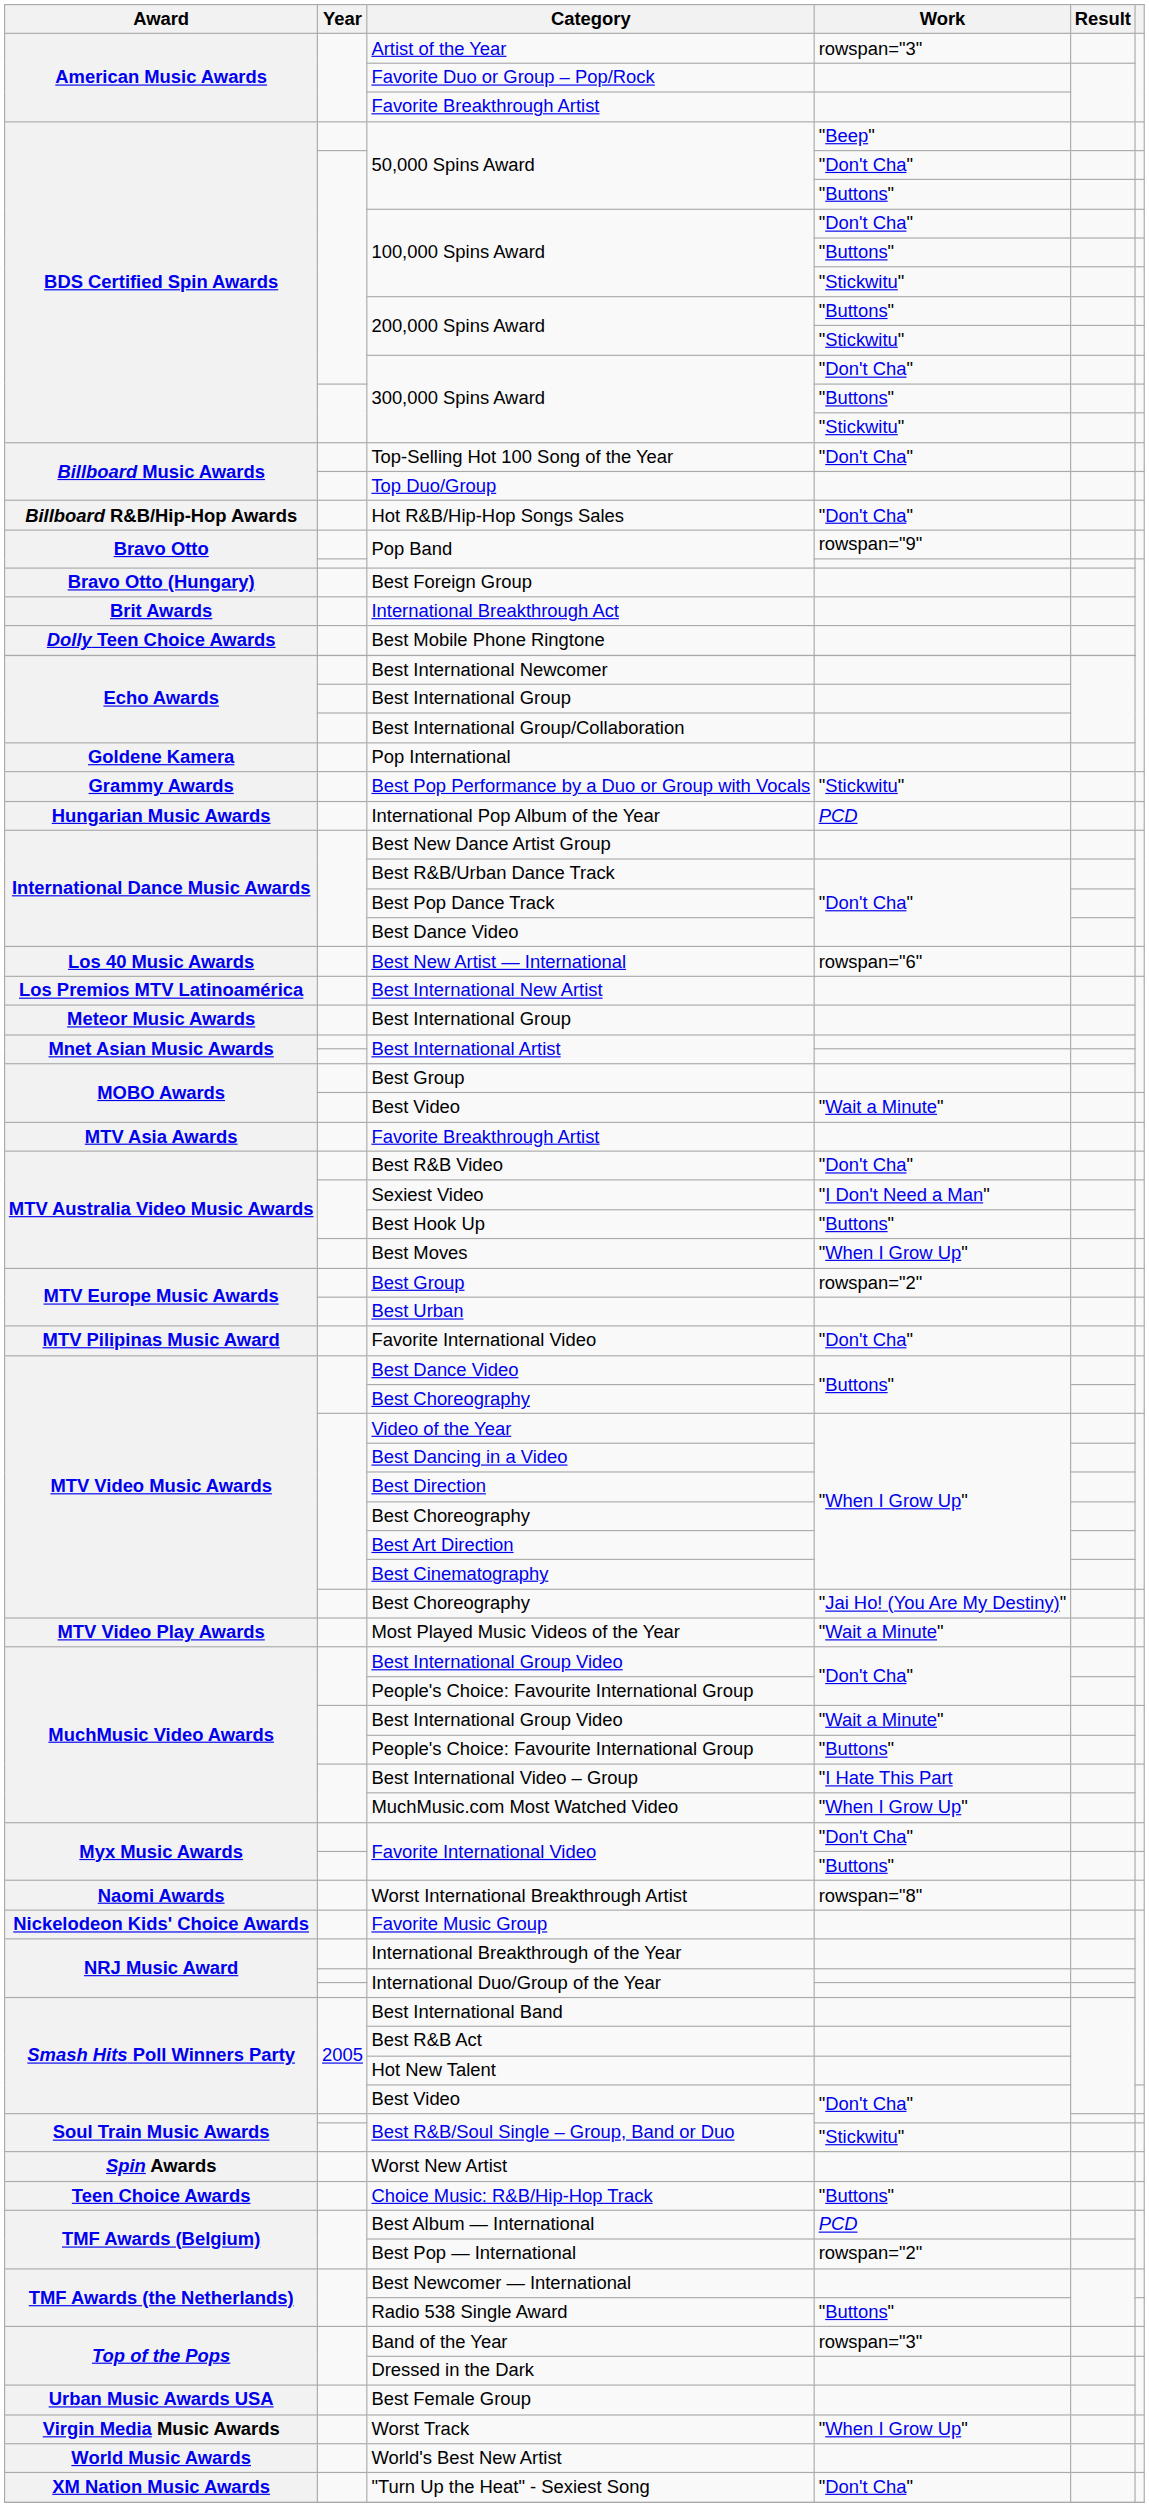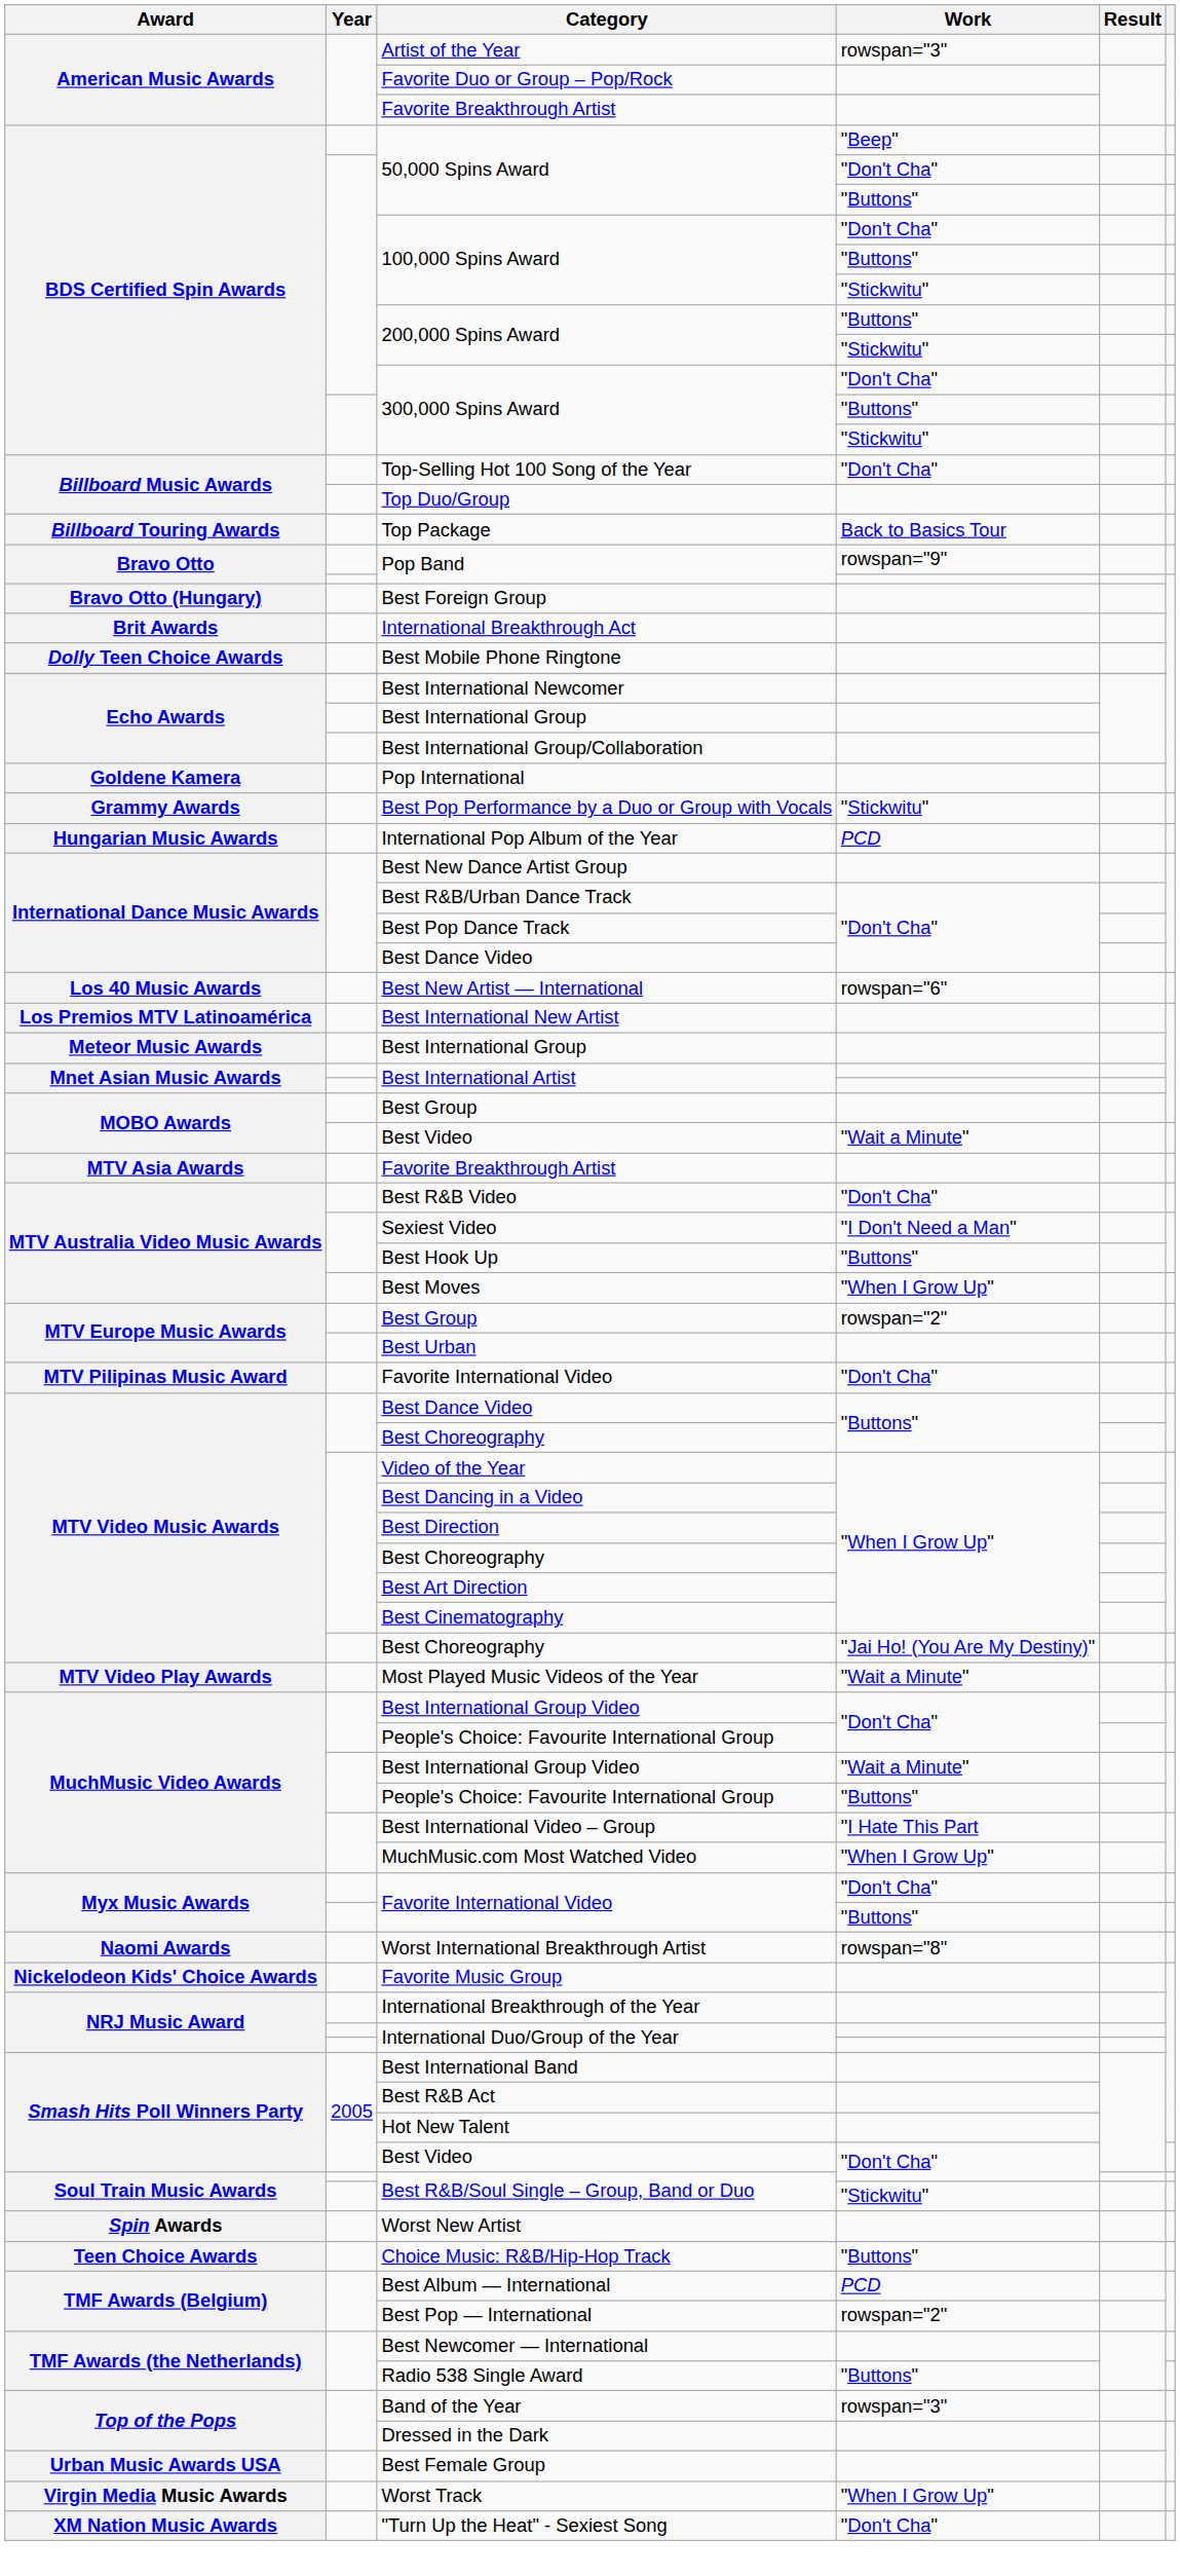 <table class="wikitable sortable plainrowheaders">
 <tr>
 <th scope="col">Award</th>
 <th scope="col">Year</th>
 <th scope="col">Category</th>
 <th scope="col">Work</th>
 <th scope="col">Result</th>
 <th scope="col" class="unsortable"></th>
 </tr>
 <tr>
 <th scope="row" rowspan="3"><a href='#'>American Music Awards</a> </th>
 <td rowspan=3></td>
 <td><a href='#'>Artist of the Year</a></td>
 <td>rowspan="3" </td>
 <td></td>
 <td rowspan=3></td>
 </tr>
 <tr>
 <td><a href='#'>Favorite Duo or Group – Pop/Rock</a></td>
 <td></td>
 </tr>
 <tr>
 <td><a href='#'>Favorite Breakthrough Artist</a></td>
 <td></td>
 </tr>
 <tr>
 <th scope="row" rowspan="11"><a href='#'>BDS Certified Spin Awards</a> </th>
 <td></td>
 <td rowspan=3>50,000 Spins Award</td>
 <td>"<a href='#'>Beep</a>"</td>
 <td></td>
 <td></td>
 </tr>
 <tr>
 <td rowspan=8></td>
 <td>"<a href='#'>Don't Cha</a>"</td>
 <td></td>
 <td></td>
 </tr>
 <tr>
 <td>"<a href='#'>Buttons</a>"</td>
 <td></td>
 <td></td>
 </tr>
 <tr>
 <td rowspan=3>100,000 Spins Award</td>
 <td>"<a href='#'>Don't Cha</a>"</td>
 <td></td>
 <td></td>
 </tr>
 <tr>
 <td>"<a href='#'>Buttons</a>"</td>
 <td></td>
 <td></td>
 </tr>
 <tr>
 <td>"<a href='#'>Stickwitu</a>"</td>
 <td></td>
 <td></td>
 </tr>
 <tr>
 <td rowspan=2>200,000 Spins Award</td>
 <td>"<a href='#'>Buttons</a>"</td>
 <td></td>
 <td></td>
 </tr>
 <tr>
 <td>"<a href='#'>Stickwitu</a>"</td>
 <td></td>
 <td></td>
 </tr>
 <tr>
 <td rowspan=3>300,000 Spins Award</td>
 <td>"<a href='#'>Don't Cha</a>"</td>
 <td></td>
 <td></td>
 </tr>
 <tr>
 <td rowspan=2></td>
 <td>"<a href='#'>Buttons</a>"</td>
 <td></td>
 <td></td>
 </tr>
 <tr>
 <td>"<a href='#'>Stickwitu</a>"</td>
 <td></td>
 <td></td>
 </tr>
 <tr>
 <th scope="row" rowspan="2"><a href='#'><em>Billboard</em> Music Awards</a></th>
 <td></td>
 <td>Top-Selling Hot 100 Song of the Year</td>
 <td>"<a href='#'>Don't Cha</a>"</td>
 <td></td>
 <td></td>
 </tr>
 <tr>
 <td></td>
 <td><a href='#'>Top Duo/Group</a></td>
 <td></td>
 <td></td>
 <td></td>
 </tr>
 <tr>
-<th scope="row"><em>Billboard</em> R&B/Hip-Hop Awards</th>
+<th scope="row"><a href='#'><em>Billboard</em> Touring Awards</a></th>
 <td></td>
-<td>Hot R&B/Hip-Hop Songs Sales</td>
-<td>"<a href='#'>Don't Cha</a>"</td>
+<td>Top Package</td>
+<td><a href='#'>Back to Basics Tour</a></td>
 <td></td>
 <td></td>
 </tr>
 <tr>
 <th scope="row" rowspan="2"><a href='#'>Bravo Otto</a></th>
 <td></td>
 <td rowspan="2">Pop Band</td>
 <td>rowspan="9" </td>
 <td></td>
 <td></td>
 </tr>
 <tr>
 <td></td>
 <td></td>
 <td></td>
 </tr>
 <tr>
 <th scope="row"><a href='#'>Bravo Otto (Hungary)</a></th>
 <td></td>
 <td>Best Foreign Group</td>
 <td></td>
 <td></td>
 </tr>
 <tr>
 <th scope="row"><a href='#'>Brit Awards</a></th>
 <td></td>
 <td><a href='#'>International Breakthrough Act</a></td>
 <td></td>
 <td></td>
 </tr>
 <tr>
 <th scope="row"><a href='#'><em>Dolly</em> Teen Choice Awards</a> </th>
 <td></td>
 <td>Best Mobile Phone Ringtone</td>
 <td></td>
 <td></td>
 </tr>
 <tr>
 </tr>
 <tr>
 <th scope="row" rowspan="3"><a href='#'>Echo Awards</a> </th>
 <td></td>
 <td>Best International Newcomer</td>
 <td></td>
 <td rowspan="3"></td>
 </tr>
 <tr>
 <td></td>
 <td>Best International Group</td>
 <td></td>
 </tr>
 <tr>
 <td></td>
 <td>Best International Group/Collaboration</td>
 <td></td>
 </tr>
 <tr>
 <th scope="row"><a href='#'>Goldene Kamera</a> </th>
 <td></td>
 <td>Pop International</td>
 <td></td>
 <td></td>
 </tr>
 <tr>
 <th scope="row"><a href='#'>Grammy Awards</a></th>
 <td></td>
 <td><a href='#'>Best Pop Performance by a Duo or Group with Vocals</a></td>
 <td>"<a href='#'>Stickwitu</a>"</td>
 <td></td>
 <td></td>
 </tr>
 <tr>
 <th scope="row"><a href='#'>Hungarian Music Awards</a> </th>
 <td></td>
 <td>International Pop Album of the Year</td>
 <td><em><a href='#'>PCD</a></em></td>
 <td></td>
 <td></td>
 </tr>
 <tr>
 <th scope="row" rowspan="4"><a href='#'>International Dance Music Awards</a> </th>
 <td rowspan=4></td>
 <td>Best New Dance Artist Group</td>
 <td></td>
 <td></td>
 <td rowspan="4"></td>
 </tr>
 <tr>
 <td>Best R&B/Urban Dance Track</td>
 <td rowspan="3">"<a href='#'>Don't Cha</a>"</td>
 <td></td>
 </tr>
 <tr>
 <td>Best Pop Dance Track</td>
 <td></td>
 </tr>
 <tr>
 <td>Best Dance Video</td>
 <td></td>
 </tr>
 <tr>
 <th scope="row"><a href='#'>Los 40 Music Awards</a> </th>
 <td></td>
 <td><a href='#'>Best New Artist — International</a></td>
 <td>rowspan="6" </td>
 <td></td>
 <td></td>
 </tr>
 <tr>
 <th scope="row"><a href='#'>Los Premios MTV Latinoamérica</a></th>
 <td></td>
 <td><a href='#'>Best International New Artist</a></td>
 <td></td>
 <td></td>
 </tr>
 <tr>
 <th scope="row"><a href='#'>Meteor Music Awards</a> </th>
 <td></td>
 <td>Best International Group</td>
 <td></td>
 <td></td>
 </tr>
 <tr>
 <th scope="row" rowspan="2"><a href='#'>Mnet Asian Music Awards</a></th>
 <td></td>
 <td rowspan="2"><a href='#'>Best International Artist</a></td>
 <td></td>
 <td></td>
 </tr>
 <tr>
 <td></td>
 <td></td>
 <td></td>
 </tr>
 <tr>
 <th scope="row" rowspan="2"><a href='#'>MOBO Awards</a></th>
 <td></td>
 <td>Best Group</td>
 <td></td>
 <td></td>
 </tr>
 <tr>
 <td></td>
 <td>Best Video</td>
 <td>"<a href='#'>Wait a Minute</a>"</td>
 <td></td>
 <td></td>
 </tr>
 <tr>
 <th scope="row"><a href='#'>MTV Asia Awards</a></th>
 <td></td>
 <td><a href='#'>Favorite Breakthrough Artist</a></td>
 <td></td>
 <td></td>
 <td></td>
 </tr>
 <tr>
 <th scope="row" rowspan="4"><a href='#'>MTV Australia Video Music Awards</a></th>
 <td></td>
 <td>Best R&B Video</td>
 <td>"<a href='#'>Don't Cha</a>"</td>
 <td></td>
 <td></td>
 </tr>
 <tr>
 <td rowspan=2></td>
 <td>Sexiest Video</td>
 <td>"<a href='#'>I Don't Need a Man</a>"</td>
 <td></td>
 <td rowspan="2"></td>
 </tr>
 <tr>
 <td>Best Hook Up</td>
 <td>"<a href='#'>Buttons</a>"</td>
 <td></td>
 </tr>
 <tr>
 <td></td>
 <td>Best Moves</td>
 <td>"<a href='#'>When I Grow Up</a>"</td>
 <td></td>
 <td></td>
 </tr>
 <tr>
 <th scope="row" rowspan="2"><a href='#'>MTV Europe Music Awards</a></th>
 <td></td>
 <td><a href='#'>Best Group</a></td>
 <td>rowspan="2" </td>
 <td></td>
 <td></td>
 </tr>
 <tr>
 <td></td>
 <td><a href='#'>Best Urban</a></td>
 <td></td>
 <td align="center"></td>
 </tr>
 <tr>
 <th scope="row"><a href='#'>MTV Pilipinas Music Award</a></th>
 <td></td>
 <td>Favorite International Video</td>
 <td>"<a href='#'>Don't Cha</a>"</td>
 <td></td>
 <td></td>
 </tr>
 <tr>
 <th scope="row" rowspan="9"><a href='#'>MTV Video Music Awards</a></th>
 <td rowspan=2></td>
 <td><a href='#'>Best Dance Video</a></td>
 <td rowspan="2">"<a href='#'>Buttons</a>"</td>
 <td></td>
 <td rowspan="2"></td>
 </tr>
 <tr>
 <td><a href='#'>Best Choreography</a></td>
 <td></td>
 </tr>
 <tr>
 <td rowspan=6></td>
 <td><a href='#'>Video of the Year</a></td>
 <td rowspan="6">"<a href='#'>When I Grow Up</a>"</td>
 <td></td>
 <td rowspan="6"></td>
 </tr>
 <tr>
 <td><a href='#'>Best Dancing in a Video</a></td>
 <td></td>
 </tr>
 <tr>
 <td><a href='#'>Best Direction</a></td>
 <td></td>
 </tr>
 <tr>
 <td>Best Choreography</td>
 <td></td>
 </tr>
 <tr>
 <td><a href='#'>Best Art Direction</a></td>
 <td></td>
 </tr>
 <tr>
 <td><a href='#'>Best Cinematography</a></td>
 <td></td>
 </tr>
 <tr>
 <td></td>
 <td>Best Choreography</td>
 <td>"<a href='#'>Jai Ho! (You Are My Destiny)</a>"</td>
 <td></td>
 <td></td>
 </tr>
 <tr>
 <th scope="row"><a href='#'>MTV Video Play Awards</a></th>
 <td></td>
 <td>Most Played Music Videos of the Year</td>
 <td>"<a href='#'>Wait a Minute</a>"</td>
 <td></td>
 <td></td>
 </tr>
 <tr>
 <th scope="row" rowspan="6"><a href='#'>MuchMusic Video Awards</a> </th>
 <td rowspan=2></td>
 <td><a href='#'>Best International Group Video</a></td>
 <td rowspan="2">"<a href='#'>Don't Cha</a>"</td>
 <td></td>
 <td rowspan="2"></td>
 </tr>
 <tr>
 <td>People's Choice: Favourite International Group</td>
 <td></td>
 </tr>
 <tr>
 <td rowspan="2"></td>
 <td>Best International Group Video</td>
 <td>"<a href='#'>Wait a Minute</a>"</td>
 <td></td>
 <td rowspan="2"></td>
 </tr>
 <tr>
 <td>People's Choice: Favourite International Group</td>
 <td>"<a href='#'>Buttons</a>"</td>
 <td></td>
 </tr>
 <tr>
 <td rowspan=2></td>
 <td>Best International Video – Group</td>
 <td>"<a href='#'>I Hate This Part</a></td>
 <td></td>
 <td rowspan="2"></td>
 </tr>
 <tr>
 <td>MuchMusic.com Most Watched Video</td>
 <td>"<a href='#'>When I Grow Up</a>"</td>
 <td></td>
 </tr>
 <tr>
 <th scope="row" rowspan="2"><a href='#'>Myx Music Awards</a></th>
 <td></td>
 <td rowspan="2"><a href='#'>Favorite International Video</a></td>
 <td>"<a href='#'>Don't Cha</a>"</td>
 <td></td>
 <td></td>
 </tr>
 <tr>
 <td></td>
 <td>"<a href='#'>Buttons</a>"</td>
 <td></td>
 <td></td>
 </tr>
 <tr>
 <th scope="row"><a href='#'>Naomi Awards</a> </th>
 <td></td>
 <td>Worst International Breakthrough Artist</td>
 <td>rowspan="8" </td>
 <td></td>
 <td></td>
 </tr>
 <tr>
 <th scope="row"><a href='#'>Nickelodeon Kids' Choice Awards</a></th>
 <td></td>
 <td><a href='#'>Favorite Music Group</a></td>
 <td></td>
 <td></td>
 </tr>
 <tr>
 <th scope="row" rowspan="3"><a href='#'>NRJ Music Award</a></th>
 <td></td>
 <td>International Breakthrough of the Year</td>
 <td></td>
 <td></td>
 </tr>
 <tr>
 <td></td>
 <td rowspan="2">International Duo/Group of the Year</td>
 <td></td>
 <td></td>
 </tr>
 <tr>
 <td></td>
 <td></td>
 <td></td>
 </tr>
 <tr>
 <th scope="row" rowspan="4"><a href='#'><em>Smash Hits</em> Poll Winners Party</a> </th>
 <td rowspan="4"><a href='#'>2005</a></td>
 <td>Best International Band</td>
 <td></td>
 <td rowspan="4"></td>
 </tr>
 <tr>
 <td>Best R&B Act</td>
 <td></td>
 </tr>
 <tr>
 <td>Hot New Talent</td>
 <td></td>
 </tr>
 <tr>
 <td>Best Video</td>
 <td rowspan="2">"<a href='#'>Don't Cha</a>"</td>
 <td></td>
 </tr>
 <tr>
 <th scope="row" rowspan="2"><a href='#'>Soul Train Music Awards</a></th>
 <td></td>
 <td rowspan=2><a href='#'>Best R&B/Soul Single – Group, Band or Duo</a></td>
 <td></td>
 <td></td>
 </tr>
 <tr>
 <td></td>
 <td>"<a href='#'>Stickwitu</a>"</td>
 <td></td>
 <td></td>
 </tr>
 <tr>
 <th scope="row"><em><a href='#'>Spin</a></em> Awards</th>
 <td></td>
 <td>Worst New Artist</td>
 <td></td>
 <td></td>
 <td></td>
 </tr>
 <tr>
 <th scope="row"><a href='#'>Teen Choice Awards</a> </th>
 <td></td>
 <td><a href='#'>Choice Music: R&B/Hip-Hop Track</a></td>
 <td>"<a href='#'>Buttons</a>"</td>
 <td></td>
 <td></td>
 </tr>
 <tr>
 <th scope="row" rowspan="2"><a href='#'>TMF Awards (Belgium)</a></th>
 <td rowspan=2></td>
 <td>Best Album — International</td>
 <td><em><a href='#'>PCD</a></em></td>
 <td></td>
 <td rowspan=2></td>
 </tr>
 <tr>
 <td>Best Pop — International</td>
 <td>rowspan="2" </td>
 <td></td>
 </tr>
 <tr>
 <th scope="row" rowspan="2"><a href='#'>TMF Awards (the Netherlands)</a></th>
 <td rowspan=2></td>
 <td>Best Newcomer — International</td>
 <td></td>
 <td rowspan=2></td>
 </tr>
 <tr>
 <td>Radio 538 Single Award</td>
 <td>"<a href='#'>Buttons</a>"</td>
 <td></td>
 </tr>
 <tr>
 <th scope="row" rowspan="2"><em><a href='#'>Top of the Pops</a></em></th>
 <td rowspan=2></td>
 <td>Band of the Year</td>
 <td>rowspan="3" </td>
 <td></td>
 <td></td>
 </tr>
 <tr>
 <td>Dressed in the Dark</td>
 <td></td>
 <td></td>
 </tr>
 <tr>
 <th scope="row"><a href='#'>Urban Music Awards USA</a> </th>
 <td></td>
 <td>Best Female Group</td>
 <td></td>
 <td></td>
 </tr>
 <tr>
 <th scope="row"><a href='#'>Virgin Media</a> Music Awards </th>
 <td></td>
 <td>Worst Track</td>
 <td>"<a href='#'>When I Grow Up</a>"</td>
 <td></td>
 <td></td>
 </tr>
 <tr>
-<th scope="row"><a href='#'>World Music Awards</a> </th>
-<td></td>
-<td>World's Best New Artist</td>
-<td></td>
-<td></td>
-<td></td>
-</tr>
-<tr>
 <th scope="row"><a href='#'>XM Nation Music Awards</a> </th>
 <td></td>
 <td>"Turn Up the Heat" - Sexiest Song</td>
 <td>"<a href='#'>Don't Cha</a>"</td>
 <td></td>
 <td></td>
 </tr>
 <tr>
 </tr>
 </table>
